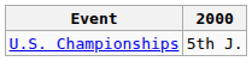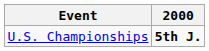 <table class="wikitable" style="text-align:center">
 <tr>
 <th>Event</th>
 <th>2000</th>
 </tr>
 <tr>
 <td align=left><a href='#'>U.S. Championships</a></td>
-<td>5th J.</td>
+<td><strong>5th J.</strong></td>
 </tr>
 </table>
